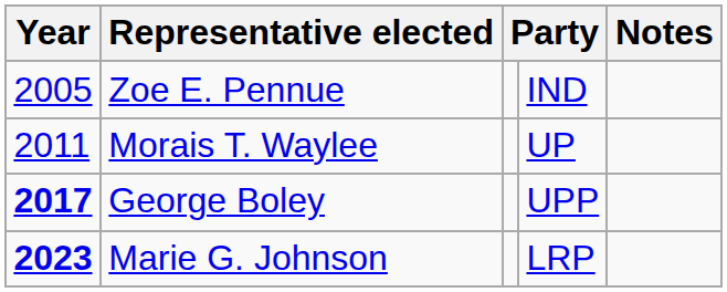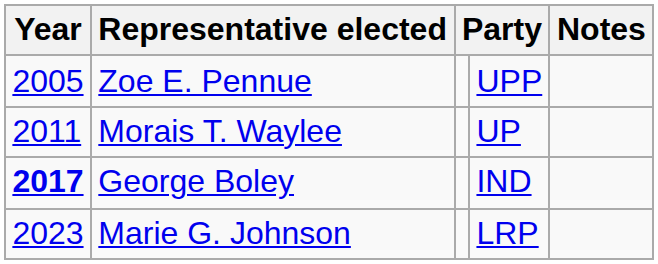 <table class="wikitable">
 <tr>
 <th>Year</th>
 <th>Representative elected</th>
 <th colspan=2>Party</th>
 <th>Notes</th>
 </tr>
 <tr>
 <td><a href='#'>2005</a></td>
 <td><a href='#'>Zoe E. Pennue</a></td>
 <td></td>
-<td><a href='#'>IND</a></td>
+<td><a href='#'>UPP</a></td>
 <td></td>
 </tr>
 <tr>
 <td><a href='#'>2011</a></td>
 <td><a href='#'>Morais T. Waylee</a></td>
 <td></td>
 <td><a href='#'>UP</a></td>
 <td></td>
 </tr>
 <tr>
 <td><strong><a href='#'>2017</a></strong></td>
 <td><a href='#'>George Boley</a></td>
 <td></td>
-<td><a href='#'>UPP</a></td>
+<td><a href='#'>IND</a></td>
 <td></td>
 </tr>
 <tr>
-<td><strong><a href='#'>2023</a></strong></td>
+<td><a href='#'>2023</a></td>
 <td><a href='#'>Marie G. Johnson</a></td>
 <td></td>
 <td><a href='#'>LRP</a></td>
 <td></td>
 </tr>
 </table>
